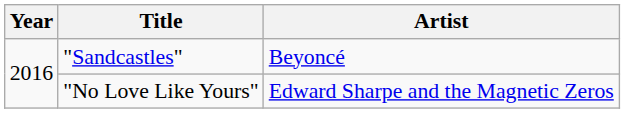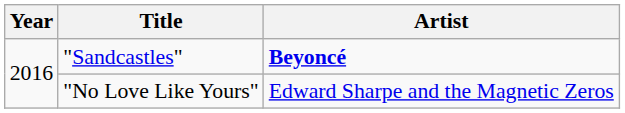 <table class="wikitable">
 <tr>
 <th>Year</th>
 <th>Title</th>
 <th>Artist</th>
 </tr>
 <tr>
 <td rowspan=2>2016</td>
 <td>"<a href='#'>Sandcastles</a>"</td>
-<td><a href='#'>Beyoncé</a></td>
+<td><strong><a href='#'>Beyoncé</a></strong></td>
 </tr>
 <tr>
 <td>"No Love Like Yours"</td>
 <td><a href='#'>Edward Sharpe and the Magnetic Zeros</a></td>
 </tr>
 </table>
